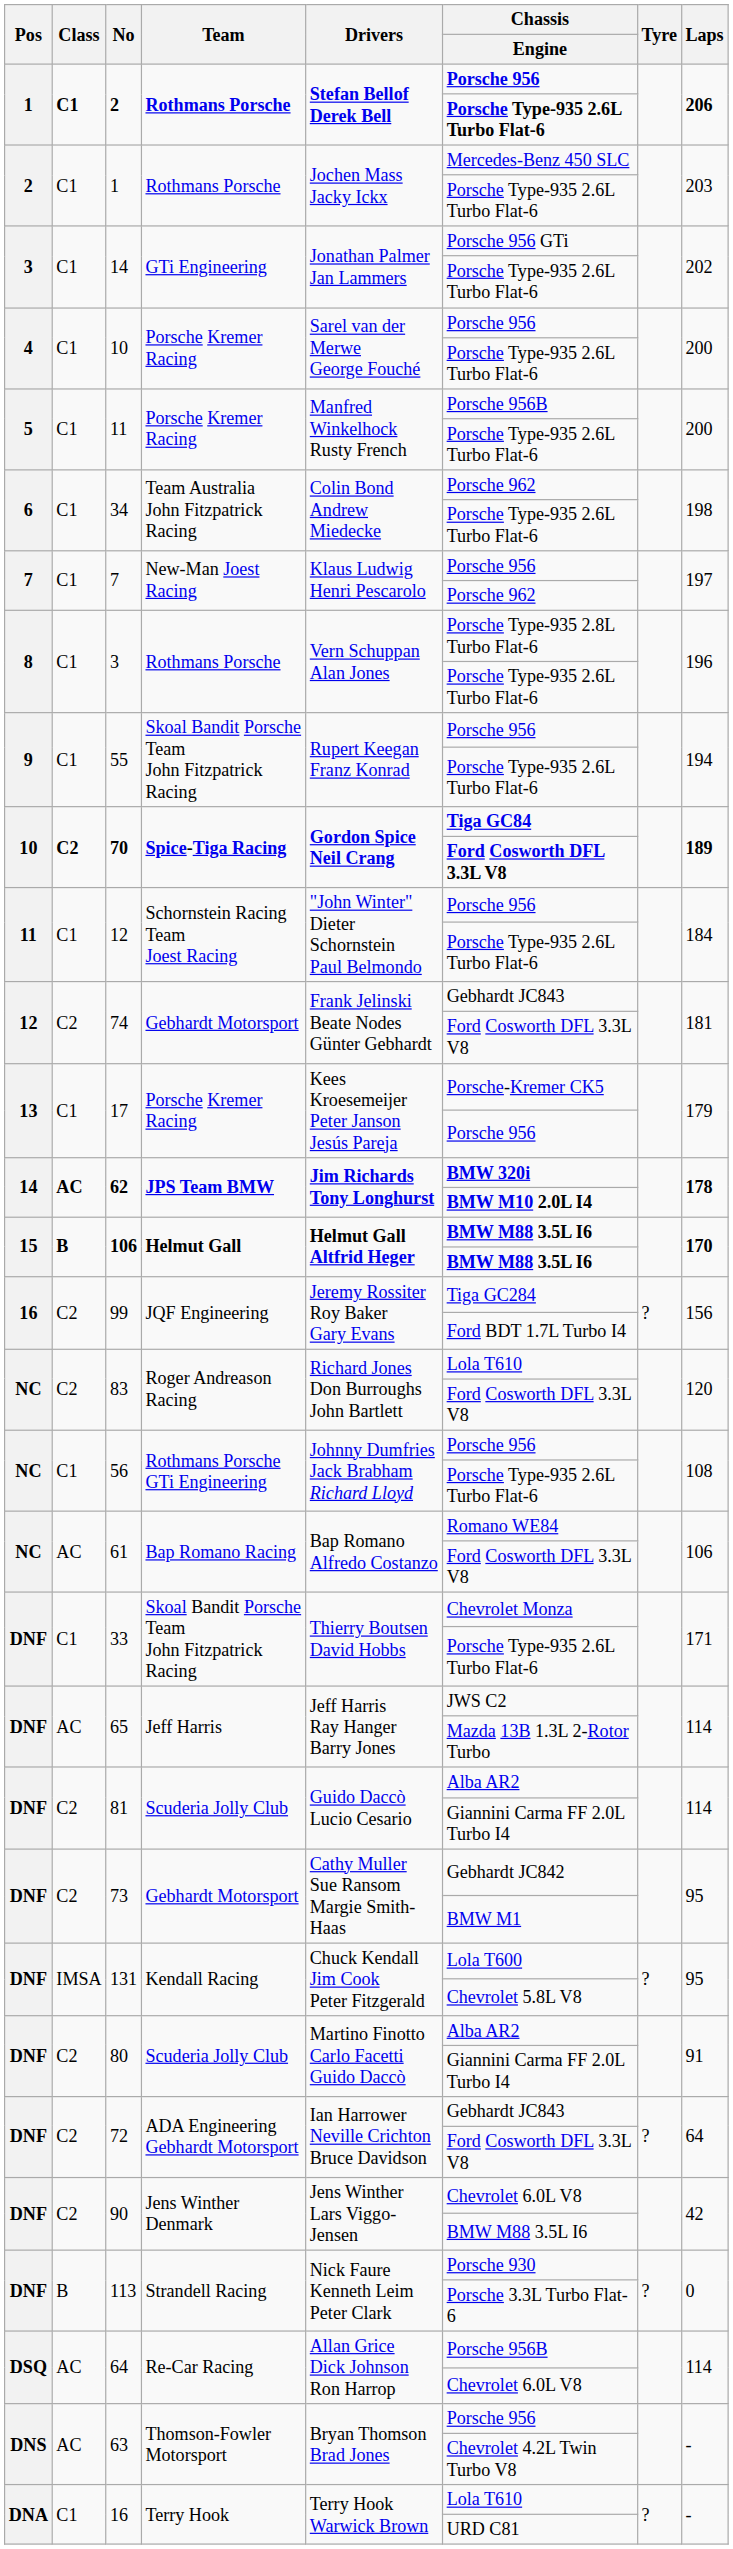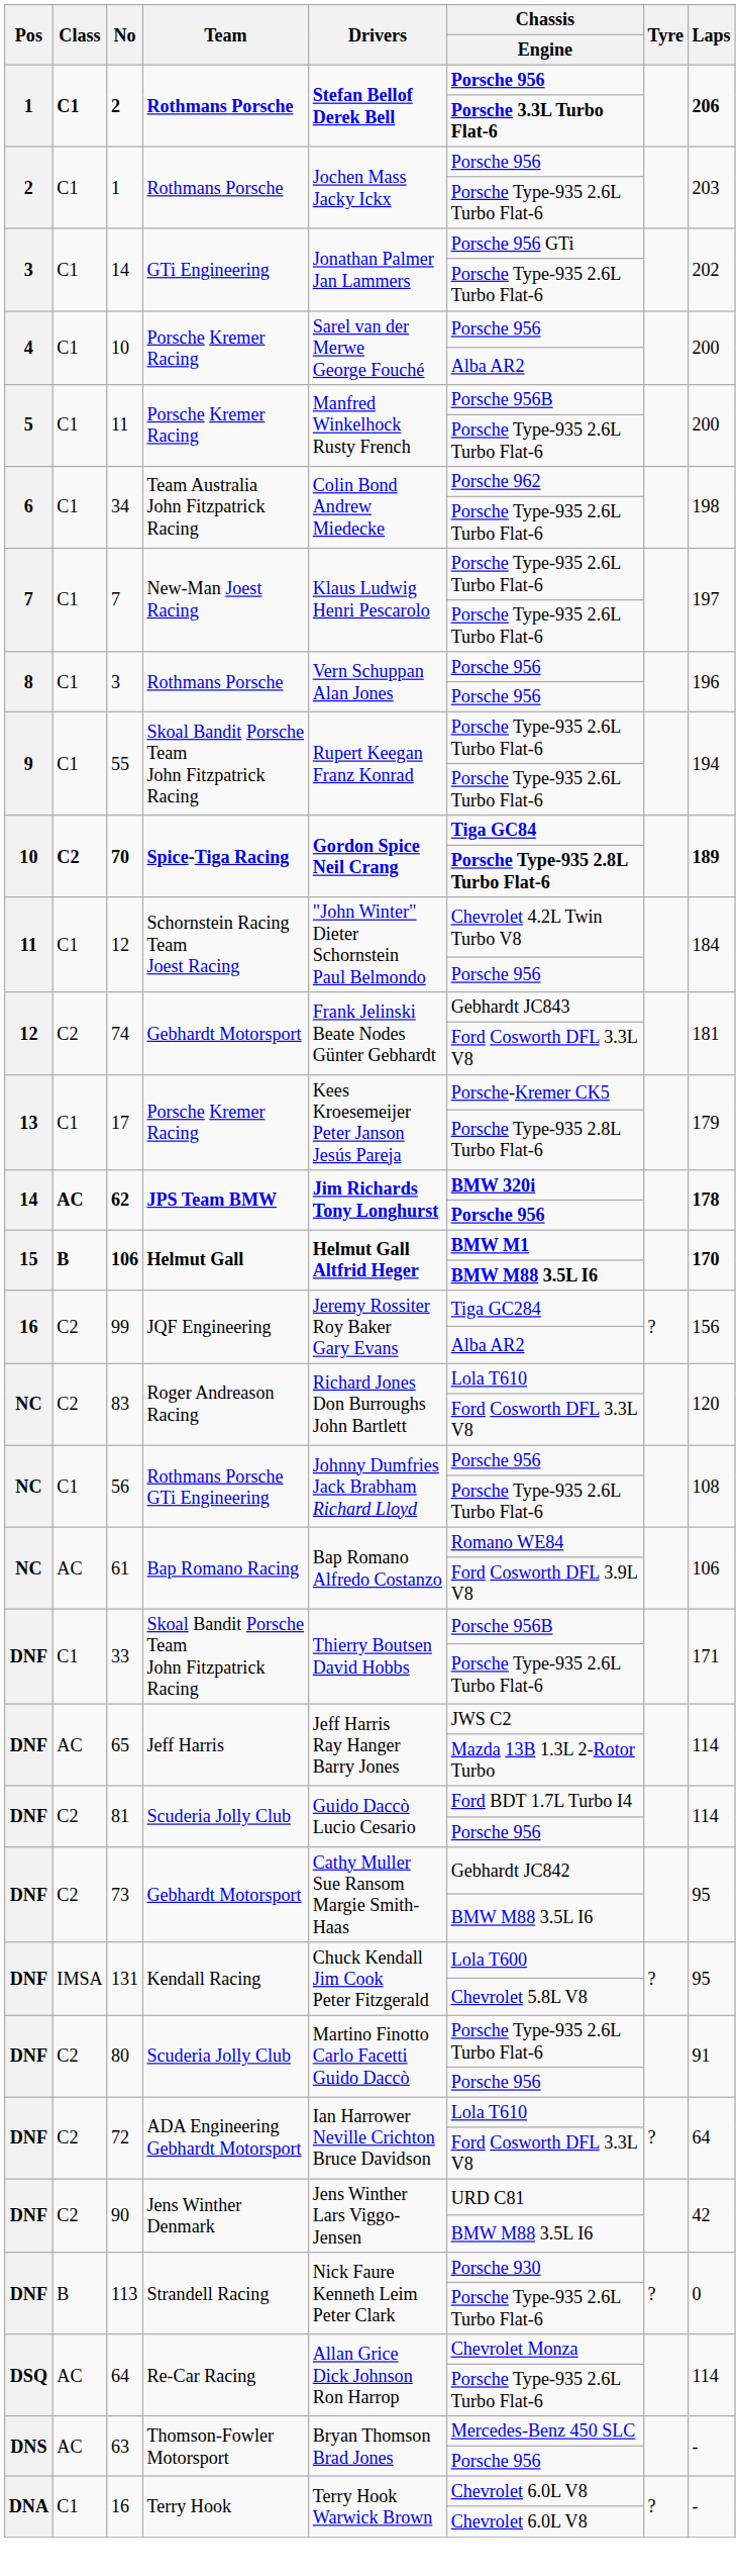 <table class="wikitable" style="font-size: 95%;">
 <tr>
 <th rowspan=2>Pos</th>
 <th rowspan=2>Class</th>
 <th rowspan=2>No</th>
 <th rowspan=2>Team</th>
 <th rowspan=2>Drivers</th>
 <th>Chassis</th>
 <th rowspan=2>Tyre</th>
 <th rowspan=2>Laps</th>
 </tr>
 <tr>
 <th>Engine</th>
 </tr>
 <tr style="font-weight:bold">
 <th rowspan=2>1</th>
 <td rowspan=2>C1</td>
 <td rowspan=2>2</td>
 <td rowspan=2> <a href='#'>Rothmans Porsche</a></td>
 <td rowspan=2> <a href='#'>Stefan Bellof</a><br> <a href='#'>Derek Bell</a></td>
 <td><a href='#'>Porsche 956</a></td>
 <td rowspan=2></td>
 <td rowspan=2>206</td>
 </tr>
 <tr style="font-weight:bold">
-<td><a href='#'>Porsche</a> Type-935 2.6L Turbo Flat-6</td>
+<td><a href='#'>Porsche</a> 3.3L Turbo Flat-6</td>
 </tr>
 <tr>
 <th rowspan=2>2</th>
 <td rowspan=2>C1</td>
 <td rowspan=2>1</td>
 <td rowspan=2> <a href='#'>Rothmans Porsche</a></td>
 <td rowspan=2> <a href='#'>Jochen Mass</a><br> <a href='#'>Jacky Ickx</a></td>
-<td><a href='#'>Mercedes-Benz 450 SLC</a></td>
+<td><a href='#'>Porsche 956</a></td>
 <td rowspan=2></td>
 <td rowspan=2>203</td>
 </tr>
 <tr>
 <td><a href='#'>Porsche</a> Type-935 2.6L Turbo Flat-6</td>
 </tr>
 <tr>
 <th rowspan=2>3</th>
 <td rowspan=2>C1</td>
 <td rowspan=2>14</td>
 <td rowspan=2> <a href='#'>GTi Engineering</a></td>
 <td rowspan=2> <a href='#'>Jonathan Palmer</a><br> <a href='#'>Jan Lammers</a></td>
 <td><a href='#'>Porsche 956</a> GTi</td>
 <td rowspan=2></td>
 <td rowspan=2>202</td>
 </tr>
 <tr>
 <td><a href='#'>Porsche</a> Type-935 2.6L Turbo Flat-6</td>
 </tr>
 <tr>
 <th rowspan=2>4</th>
 <td rowspan=2>C1</td>
 <td rowspan=2>10</td>
 <td rowspan=2> <a href='#'>Porsche</a> <a href='#'>Kremer Racing</a></td>
 <td rowspan=2> <a href='#'>Sarel van der Merwe</a><br> <a href='#'>George Fouché</a></td>
 <td><a href='#'>Porsche 956</a></td>
 <td rowspan=2></td>
 <td rowspan=2>200</td>
 </tr>
 <tr>
-<td><a href='#'>Porsche</a> Type-935 2.6L Turbo Flat-6</td>
+<td><a href='#'>Alba AR2</a></td>
 </tr>
 <tr>
 <th rowspan=2>5</th>
 <td rowspan=2>C1</td>
 <td rowspan=2>11</td>
 <td rowspan=2> <a href='#'>Porsche</a> <a href='#'>Kremer Racing</a></td>
 <td rowspan=2> <a href='#'>Manfred Winkelhock</a><br> Rusty French</td>
 <td><a href='#'>Porsche 956B</a></td>
 <td rowspan=2></td>
 <td rowspan=2>200</td>
 </tr>
 <tr>
 <td><a href='#'>Porsche</a> Type-935 2.6L Turbo Flat-6</td>
 </tr>
 <tr>
 <th rowspan=2>6</th>
 <td rowspan=2>C1</td>
 <td rowspan=2>34</td>
 <td rowspan=2> Team Australia<br> John Fitzpatrick Racing</td>
 <td rowspan=2> <a href='#'>Colin Bond</a><br> <a href='#'>Andrew Miedecke</a></td>
 <td><a href='#'>Porsche 962</a></td>
 <td rowspan=2></td>
 <td rowspan=2>198</td>
 </tr>
 <tr>
 <td><a href='#'>Porsche</a> Type-935 2.6L Turbo Flat-6</td>
 </tr>
 <tr>
 <th rowspan=2>7</th>
 <td rowspan=2>C1</td>
 <td rowspan=2>7</td>
 <td rowspan=2> New-Man <a href='#'>Joest Racing</a></td>
 <td rowspan=2> <a href='#'>Klaus Ludwig</a><br> <a href='#'>Henri Pescarolo</a></td>
-<td><a href='#'>Porsche 956</a></td>
+<td><a href='#'>Porsche</a> Type-935 2.6L Turbo Flat-6</td>
 <td rowspan=2></td>
 <td rowspan=2>197</td>
 </tr>
 <tr>
-<td><a href='#'>Porsche 962</a></td>
+<td><a href='#'>Porsche</a> Type-935 2.6L Turbo Flat-6</td>
 </tr>
 <tr>
 <th rowspan=2>8</th>
 <td rowspan=2>C1</td>
 <td rowspan=2>3</td>
 <td rowspan=2> <a href='#'>Rothmans Porsche</a></td>
 <td rowspan=2> <a href='#'>Vern Schuppan</a><br> <a href='#'>Alan Jones</a></td>
-<td><a href='#'>Porsche</a> Type-935 2.8L Turbo Flat-6</td>
+<td><a href='#'>Porsche 956</a></td>
 <td rowspan=2></td>
 <td rowspan=2>196</td>
 </tr>
 <tr>
-<td><a href='#'>Porsche</a> Type-935 2.6L Turbo Flat-6</td>
+<td><a href='#'>Porsche 956</a></td>
 </tr>
 <tr>
 <th rowspan=2>9</th>
 <td rowspan=2>C1</td>
 <td rowspan=2>55</td>
 <td rowspan=2> <a href='#'>Skoal Bandit</a> <a href='#'>Porsche</a> Team<br> John Fitzpatrick Racing</td>
 <td rowspan=2> <a href='#'>Rupert Keegan</a><br> <a href='#'>Franz Konrad</a></td>
-<td><a href='#'>Porsche 956</a></td>
+<td><a href='#'>Porsche</a> Type-935 2.6L Turbo Flat-6</td>
 <td rowspan=2></td>
 <td rowspan=2>194</td>
 </tr>
 <tr>
 <td><a href='#'>Porsche</a> Type-935 2.6L Turbo Flat-6</td>
 </tr>
 <tr style="font-weight:bold">
 <th rowspan=2>10</th>
 <td rowspan=2>C2</td>
 <td rowspan=2>70</td>
 <td rowspan=2> <a href='#'>Spice</a>-<a href='#'>Tiga Racing</a></td>
 <td rowspan=2> <a href='#'>Gordon Spice</a><br> <a href='#'>Neil Crang</a></td>
 <td><a href='#'>Tiga GC84</a></td>
 <td rowspan=2></td>
 <td rowspan=2>189</td>
 </tr>
 <tr style="font-weight:bold">
-<td><a href='#'>Ford</a> <a href='#'>Cosworth DFL</a> 3.3L V8</td>
+<td><a href='#'>Porsche</a> Type-935 2.8L Turbo Flat-6</td>
 </tr>
 <tr>
 <th rowspan=2>11</th>
 <td rowspan=2>C1</td>
 <td rowspan=2>12</td>
 <td rowspan=2> Schornstein Racing Team<br> <a href='#'>Joest Racing</a></td>
 <td rowspan=2> <a href='#'>"John Winter"</a><br> Dieter Schornstein<br> <a href='#'>Paul Belmondo</a></td>
-<td><a href='#'>Porsche 956</a></td>
+<td><a href='#'>Chevrolet</a> 4.2L Twin Turbo V8</td>
 <td rowspan=2></td>
 <td rowspan=2>184</td>
 </tr>
 <tr>
-<td><a href='#'>Porsche</a> Type-935 2.6L Turbo Flat-6</td>
+<td><a href='#'>Porsche 956</a></td>
 </tr>
 <tr>
 <th rowspan=2>12</th>
 <td rowspan=2>C2</td>
 <td rowspan=2>74</td>
 <td rowspan=2> <a href='#'>Gebhardt Motorsport</a></td>
 <td rowspan=2> <a href='#'>Frank Jelinski</a><br> Beate Nodes<br> Günter Gebhardt</td>
 <td>Gebhardt JC843</td>
 <td rowspan=2></td>
 <td rowspan=2>181</td>
 </tr>
 <tr>
 <td><a href='#'>Ford</a> <a href='#'>Cosworth DFL</a> 3.3L V8</td>
 </tr>
 <tr>
 <th rowspan=2>13</th>
 <td rowspan=2>C1</td>
 <td rowspan=2>17</td>
 <td rowspan=2> <a href='#'>Porsche</a> <a href='#'>Kremer Racing</a></td>
 <td rowspan=2> Kees Kroesemeijer<br> <a href='#'>Peter Janson</a><br> <a href='#'>Jesús Pareja</a></td>
 <td><a href='#'>Porsche</a>-<a href='#'>Kremer CK5</a></td>
 <td rowspan=2></td>
 <td rowspan=2>179</td>
 </tr>
 <tr>
-<td><a href='#'>Porsche 956</a></td>
+<td><a href='#'>Porsche</a> Type-935 2.8L Turbo Flat-6</td>
 </tr>
 <tr style="font-weight:bold">
 <th rowspan=2>14</th>
 <td rowspan=2>AC</td>
 <td rowspan=2>62</td>
 <td rowspan=2> <a href='#'>JPS Team BMW</a></td>
 <td rowspan=2> <a href='#'>Jim Richards</a><br> <a href='#'>Tony Longhurst</a></td>
 <td><a href='#'>BMW 320i</a></td>
 <td rowspan=2></td>
 <td rowspan=2>178</td>
 </tr>
 <tr style="font-weight:bold">
-<td><a href='#'>BMW M10</a> 2.0L I4</td>
+<td><a href='#'>Porsche 956</a></td>
 </tr>
 <tr style="font-weight:bold">
 <th rowspan=2>15</th>
 <td rowspan=2>B</td>
 <td rowspan=2>106</td>
 <td rowspan=2> Helmut Gall</td>
 <td rowspan=2> Helmut Gall<br> <a href='#'>Altfrid Heger</a></td>
-<td><a href='#'>BMW M88</a> 3.5L I6</td>
+<td><a href='#'>BMW M1</a></td>
 <td rowspan=2></td>
 <td rowspan=2>170</td>
 </tr>
 <tr style="font-weight:bold">
 <td><a href='#'>BMW M88</a> 3.5L I6</td>
 </tr>
 <tr>
 <th rowspan=2>16</th>
 <td rowspan=2>C2</td>
 <td rowspan=2>99</td>
 <td rowspan=2> JQF Engineering</td>
 <td rowspan=2> <a href='#'>Jeremy Rossiter</a><br> Roy Baker<br> <a href='#'>Gary Evans</a></td>
 <td><a href='#'>Tiga GC284</a></td>
 <td rowspan=2>?</td>
 <td rowspan=2>156</td>
 </tr>
 <tr>
-<td><a href='#'>Ford</a> BDT 1.7L Turbo I4</td>
+<td><a href='#'>Alba AR2</a></td>
 </tr>
 <tr>
 <th rowspan=2>NC</th>
 <td rowspan=2>C2</td>
 <td rowspan=2>83</td>
 <td rowspan=2> Roger Andreason Racing</td>
 <td rowspan=2> <a href='#'>Richard Jones</a><br> Don Burroughs<br> John Bartlett</td>
 <td><a href='#'>Lola T610</a></td>
 <td rowspan=2></td>
 <td rowspan=2>120</td>
 </tr>
 <tr>
 <td><a href='#'>Ford</a> <a href='#'>Cosworth DFL</a> 3.3L V8</td>
 </tr>
 <tr>
 <th rowspan=2>NC</th>
 <td rowspan=2>C1</td>
 <td rowspan=2>56</td>
 <td rowspan=2> <a href='#'>Rothmans Porsche</a><br> <a href='#'>GTi Engineering</a></td>
 <td rowspan=2> <a href='#'>Johnny Dumfries</a><br> <a href='#'>Jack Brabham</a><br><em> <a href='#'>Richard Lloyd</a></em></td>
 <td><a href='#'>Porsche 956</a></td>
 <td rowspan=2></td>
 <td rowspan=2>108</td>
 </tr>
 <tr>
 <td><a href='#'>Porsche</a> Type-935 2.6L Turbo Flat-6</td>
 </tr>
 <tr>
 <th rowspan=2>NC</th>
 <td rowspan=2>AC</td>
 <td rowspan=2>61</td>
 <td rowspan=2> <a href='#'>Bap Romano Racing</a></td>
 <td rowspan=2> Bap Romano<br> <a href='#'>Alfredo Costanzo</a></td>
 <td><a href='#'>Romano WE84</a></td>
 <td rowspan=2></td>
 <td rowspan=2>106</td>
 </tr>
 <tr>
-<td><a href='#'>Ford</a> <a href='#'>Cosworth DFL</a> 3.3L V8</td>
+<td><a href='#'>Ford</a> <a href='#'>Cosworth DFL</a> 3.9L V8</td>
 </tr>
 <tr>
 <th rowspan=2>DNF</th>
 <td rowspan=2>C1</td>
 <td rowspan=2>33</td>
 <td rowspan=2> <a href='#'>Skoal</a> Bandit <a href='#'>Porsche</a> Team<br> John Fitzpatrick Racing</td>
 <td rowspan=2> <a href='#'>Thierry Boutsen</a><br> <a href='#'>David Hobbs</a></td>
-<td><a href='#'>Chevrolet Monza</a></td>
+<td><a href='#'>Porsche 956B</a></td>
 <td rowspan=2></td>
 <td rowspan=2>171</td>
 </tr>
 <tr>
 <td><a href='#'>Porsche</a> Type-935 2.6L Turbo Flat-6</td>
 </tr>
 <tr>
 <th rowspan=2>DNF</th>
 <td rowspan=2>AC</td>
 <td rowspan=2>65</td>
 <td rowspan=2> Jeff Harris</td>
 <td rowspan=2> Jeff Harris<br> Ray Hanger<br> Barry Jones</td>
 <td>JWS C2</td>
 <td rowspan=2></td>
 <td rowspan=2>114</td>
 </tr>
 <tr>
 <td><a href='#'>Mazda</a> <a href='#'>13B</a> 1.3L 2-<a href='#'>Rotor</a> Turbo</td>
 </tr>
 <tr>
 <th rowspan=2>DNF</th>
 <td rowspan=2>C2</td>
 <td rowspan=2>81</td>
 <td rowspan=2> <a href='#'>Scuderia Jolly Club</a></td>
 <td rowspan=2> <a href='#'>Guido Daccò</a><br> Lucio Cesario</td>
-<td><a href='#'>Alba AR2</a></td>
+<td><a href='#'>Ford</a> BDT 1.7L Turbo I4</td>
 <td rowspan=2></td>
 <td rowspan=2>114</td>
 </tr>
 <tr>
-<td>Giannini Carma FF 2.0L Turbo I4</td>
+<td><a href='#'>Porsche 956</a></td>
 </tr>
 <tr>
 <th rowspan=2>DNF</th>
 <td rowspan=2>C2</td>
 <td rowspan=2>73</td>
 <td rowspan=2> <a href='#'>Gebhardt Motorsport</a></td>
 <td rowspan=2> <a href='#'>Cathy Muller</a><br> Sue Ransom<br> Margie Smith-Haas</td>
 <td>Gebhardt JC842</td>
 <td rowspan=2></td>
 <td rowspan=2>95</td>
 </tr>
 <tr>
-<td><a href='#'>BMW M1</a></td>
+<td><a href='#'>BMW M88</a> 3.5L I6</td>
 </tr>
 <tr>
 <th rowspan=2>DNF</th>
 <td rowspan=2>IMSA</td>
 <td rowspan=2>131</td>
 <td rowspan=2> Kendall Racing</td>
 <td rowspan=2> Chuck Kendall<br> <a href='#'>Jim Cook</a><br> Peter Fitzgerald</td>
 <td><a href='#'>Lola T600</a></td>
 <td rowspan=2>?</td>
 <td rowspan=2>95</td>
 </tr>
 <tr>
 <td><a href='#'>Chevrolet</a> 5.8L V8</td>
 </tr>
 <tr>
 <th rowspan=2>DNF</th>
 <td rowspan=2>C2</td>
 <td rowspan=2>80</td>
 <td rowspan=2> <a href='#'>Scuderia Jolly Club</a></td>
 <td rowspan=2> Martino Finotto<br> <a href='#'>Carlo Facetti</a><br> <a href='#'>Guido Daccò</a></td>
-<td><a href='#'>Alba AR2</a></td>
+<td><a href='#'>Porsche</a> Type-935 2.6L Turbo Flat-6</td>
 <td rowspan=2></td>
 <td rowspan=2>91</td>
 </tr>
 <tr>
-<td>Giannini Carma FF 2.0L Turbo I4</td>
+<td><a href='#'>Porsche 956</a></td>
 </tr>
 <tr>
 <th rowspan=2>DNF</th>
 <td rowspan=2>C2</td>
 <td rowspan=2>72</td>
 <td rowspan=2> ADA Engineering<br> <a href='#'>Gebhardt Motorsport</a></td>
 <td rowspan=2> Ian Harrower<br> <a href='#'>Neville Crichton</a><br> Bruce Davidson</td>
-<td>Gebhardt JC843</td>
+<td><a href='#'>Lola T610</a></td>
 <td rowspan=2>?</td>
 <td rowspan=2>64</td>
 </tr>
 <tr>
 <td><a href='#'>Ford</a> <a href='#'>Cosworth DFL</a> 3.3L V8</td>
 </tr>
 <tr>
 <th rowspan=2>DNF</th>
 <td rowspan=2>C2</td>
 <td rowspan=2>90</td>
 <td rowspan=2> Jens Winther Denmark</td>
 <td rowspan=2> Jens Winther<br> Lars Viggo-Jensen</td>
-<td><a href='#'>Chevrolet</a> 6.0L V8</td>
+<td>URD C81</td>
 <td rowspan=2></td>
 <td rowspan=2>42</td>
 </tr>
 <tr>
 <td><a href='#'>BMW M88</a> 3.5L I6</td>
 </tr>
 <tr>
 <th rowspan=2>DNF</th>
 <td rowspan=2>B</td>
 <td rowspan=2>113</td>
 <td rowspan=2> Strandell Racing</td>
 <td rowspan=2> Nick Faure<br> Kenneth Leim<br> Peter Clark</td>
 <td><a href='#'>Porsche 930</a></td>
 <td rowspan=2>?</td>
 <td rowspan=2>0</td>
 </tr>
 <tr>
-<td><a href='#'>Porsche</a> 3.3L Turbo Flat-6</td>
+<td><a href='#'>Porsche</a> Type-935 2.6L Turbo Flat-6</td>
 </tr>
 <tr>
 <th rowspan=2>DSQ</th>
 <td rowspan=2>AC</td>
 <td rowspan=2>64</td>
 <td rowspan=2> Re-Car Racing</td>
 <td rowspan=2> <a href='#'>Allan Grice</a><br> <a href='#'>Dick Johnson</a><br> Ron Harrop</td>
-<td><a href='#'>Porsche 956B</a></td>
+<td><a href='#'>Chevrolet Monza</a></td>
 <td rowspan=2></td>
 <td rowspan=2>114</td>
 </tr>
 <tr>
-<td><a href='#'>Chevrolet</a> 6.0L V8</td>
+<td><a href='#'>Porsche</a> Type-935 2.6L Turbo Flat-6</td>
 </tr>
 <tr>
 <th rowspan=2>DNS</th>
 <td rowspan=2>AC</td>
 <td rowspan=2>63</td>
 <td rowspan=2> Thomson-Fowler Motorsport</td>
 <td rowspan=2> Bryan Thomson<br> <a href='#'>Brad Jones</a></td>
-<td><a href='#'>Porsche 956</a></td>
+<td><a href='#'>Mercedes-Benz 450 SLC</a></td>
 <td rowspan=2></td>
 <td rowspan=2>-</td>
 </tr>
 <tr>
-<td><a href='#'>Chevrolet</a> 4.2L Twin Turbo V8</td>
+<td><a href='#'>Porsche 956</a></td>
 </tr>
 <tr>
 <th rowspan=2>DNA</th>
 <td rowspan=2>C1</td>
 <td rowspan=2>16</td>
 <td rowspan=2> Terry Hook</td>
 <td rowspan=2> Terry Hook<br> <a href='#'>Warwick Brown</a></td>
-<td><a href='#'>Lola T610</a></td>
+<td><a href='#'>Chevrolet</a> 6.0L V8</td>
 <td rowspan=2>?</td>
 <td rowspan=2>-</td>
 </tr>
 <tr>
-<td>URD C81</td>
+<td><a href='#'>Chevrolet</a> 6.0L V8</td>
 </tr>
 </table>
